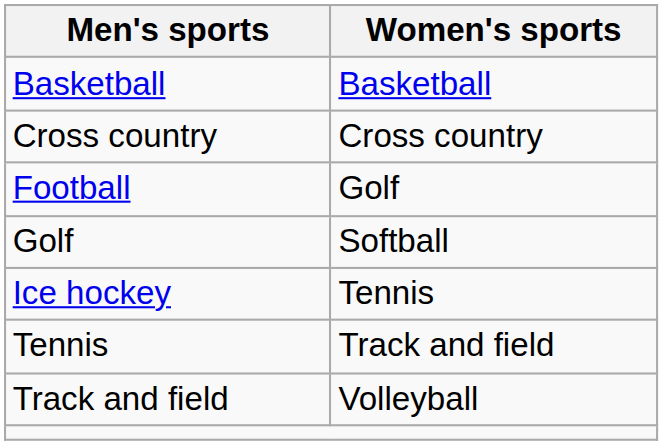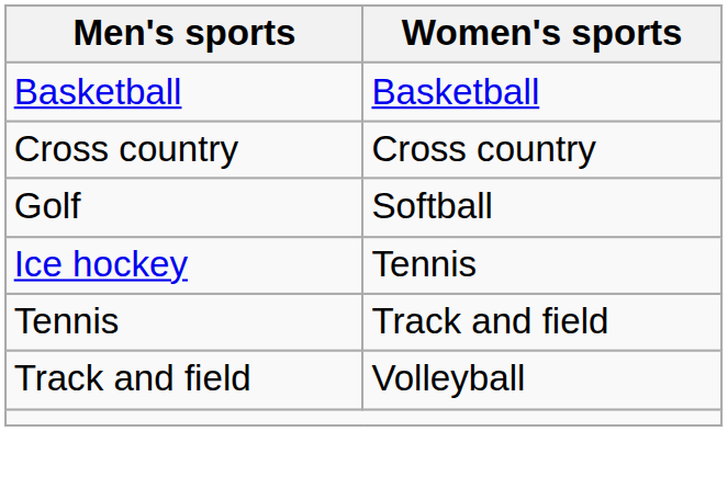 <table class="wikitable">
 <tr>
 <th width=150px>Men's sports</th>
 <th width=150px>Women's sports</th>
 </tr>
 <tr>
 <td><a href='#'>Basketball</a></td>
 <td><a href='#'>Basketball</a></td>
 </tr>
 <tr>
 <td>Cross country</td>
 <td>Cross country</td>
-</tr>
-<tr>
-<td><a href='#'>Football</a></td>
-<td>Golf</td>
 </tr>
 <tr>
 <td>Golf</td>
 <td>Softball</td>
 </tr>
 <tr>
 <td><a href='#'>Ice hockey</a></td>
 <td>Tennis</td>
 </tr>
 <tr>
 <td>Tennis</td>
 <td>Track and field</td>
 </tr>
 <tr>
 <td>Track and field</td>
 <td>Volleyball</td>
 </tr>
 <tr>
 <td colspan="2"></td>
 </tr>
 </table>
